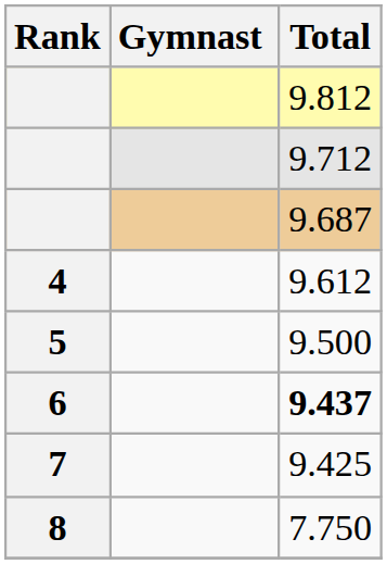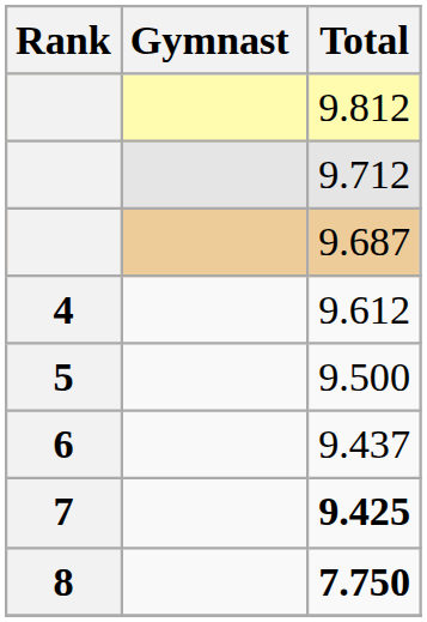 <table class="wikitable sortable" style="text-align:center; font-size:95%">
 <tr>
 <th scope=col>Rank</th>
 <th scope=col>Gymnast </th>
 <th scope=col>Total</th>
 </tr>
 <tr bgcolor=fffcaf>
 <th scope=row style="text-align:center"></th>
 <td align=left> </td>
 <td>9.812</td>
 </tr>
 <tr bgcolor=e5e5e5>
 <th scope=row style="text-align:center"></th>
 <td align=left> </td>
 <td>9.712</td>
 </tr>
 <tr bgcolor=eecc99>
 <th scope=row style="text-align:center"></th>
 <td align=left> </td>
 <td>9.687</td>
 </tr>
 <tr>
 <th scope=row style="text-align:center">4</th>
 <td align=left> </td>
 <td>9.612</td>
 </tr>
 <tr>
 <th scope=row style="text-align:center">5</th>
 <td align=left> </td>
 <td>9.500</td>
 </tr>
 <tr>
 <th scope=row style="text-align:center">6</th>
 <td align=left> </td>
-<td><strong>9.437</strong></td>
+<td>9.437</td>
 </tr>
 <tr>
 <th scope=row style="text-align:center">7</th>
 <td align=left> </td>
-<td>9.425</td>
+<td><strong>9.425</strong></td>
 </tr>
 <tr>
 <th scope=row style="text-align:center">8</th>
 <td align=left> </td>
-<td>7.750</td>
+<td><strong>7.750</strong></td>
 </tr>
 <tr>
 </tr>
 </table>
